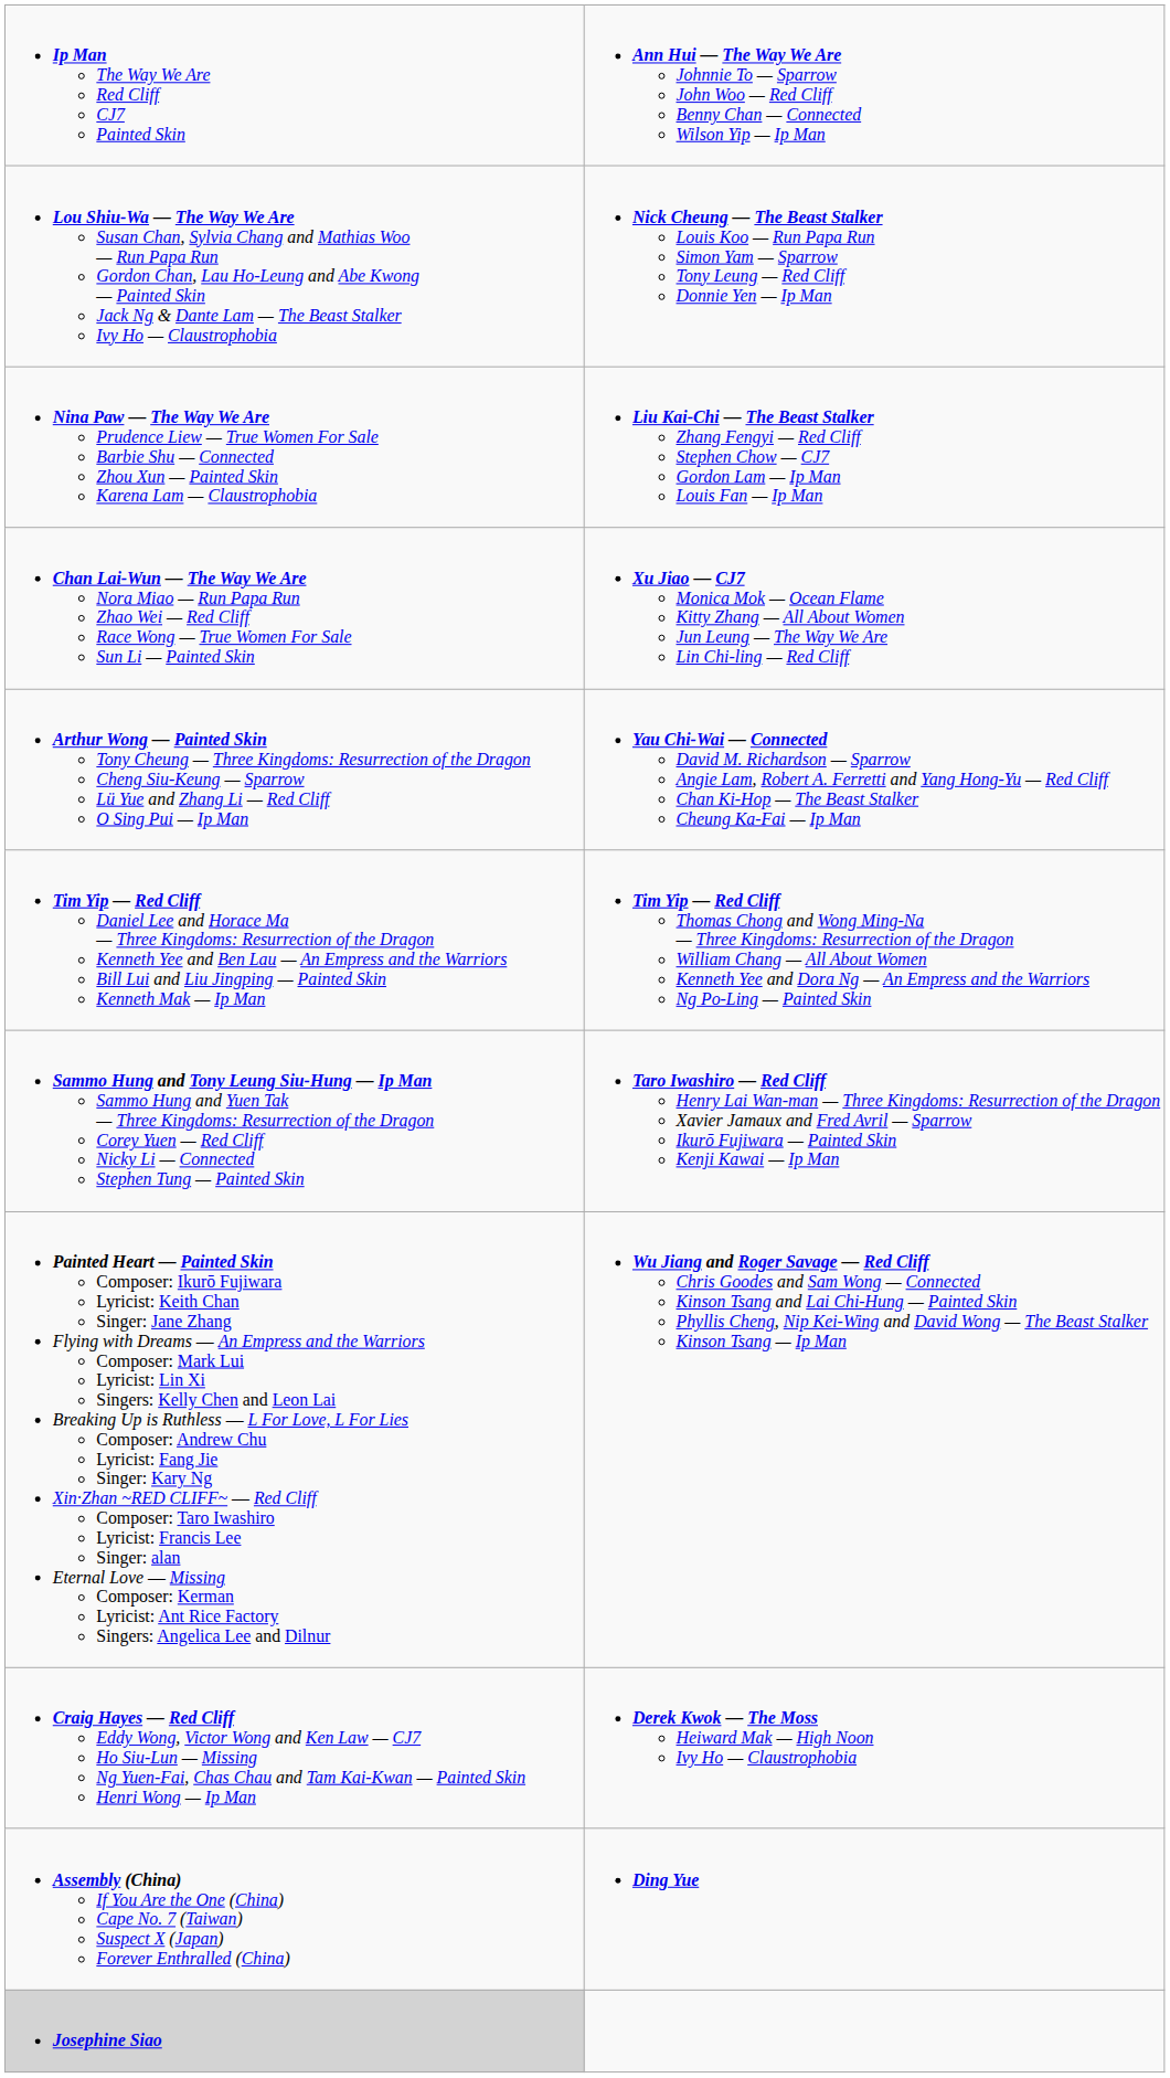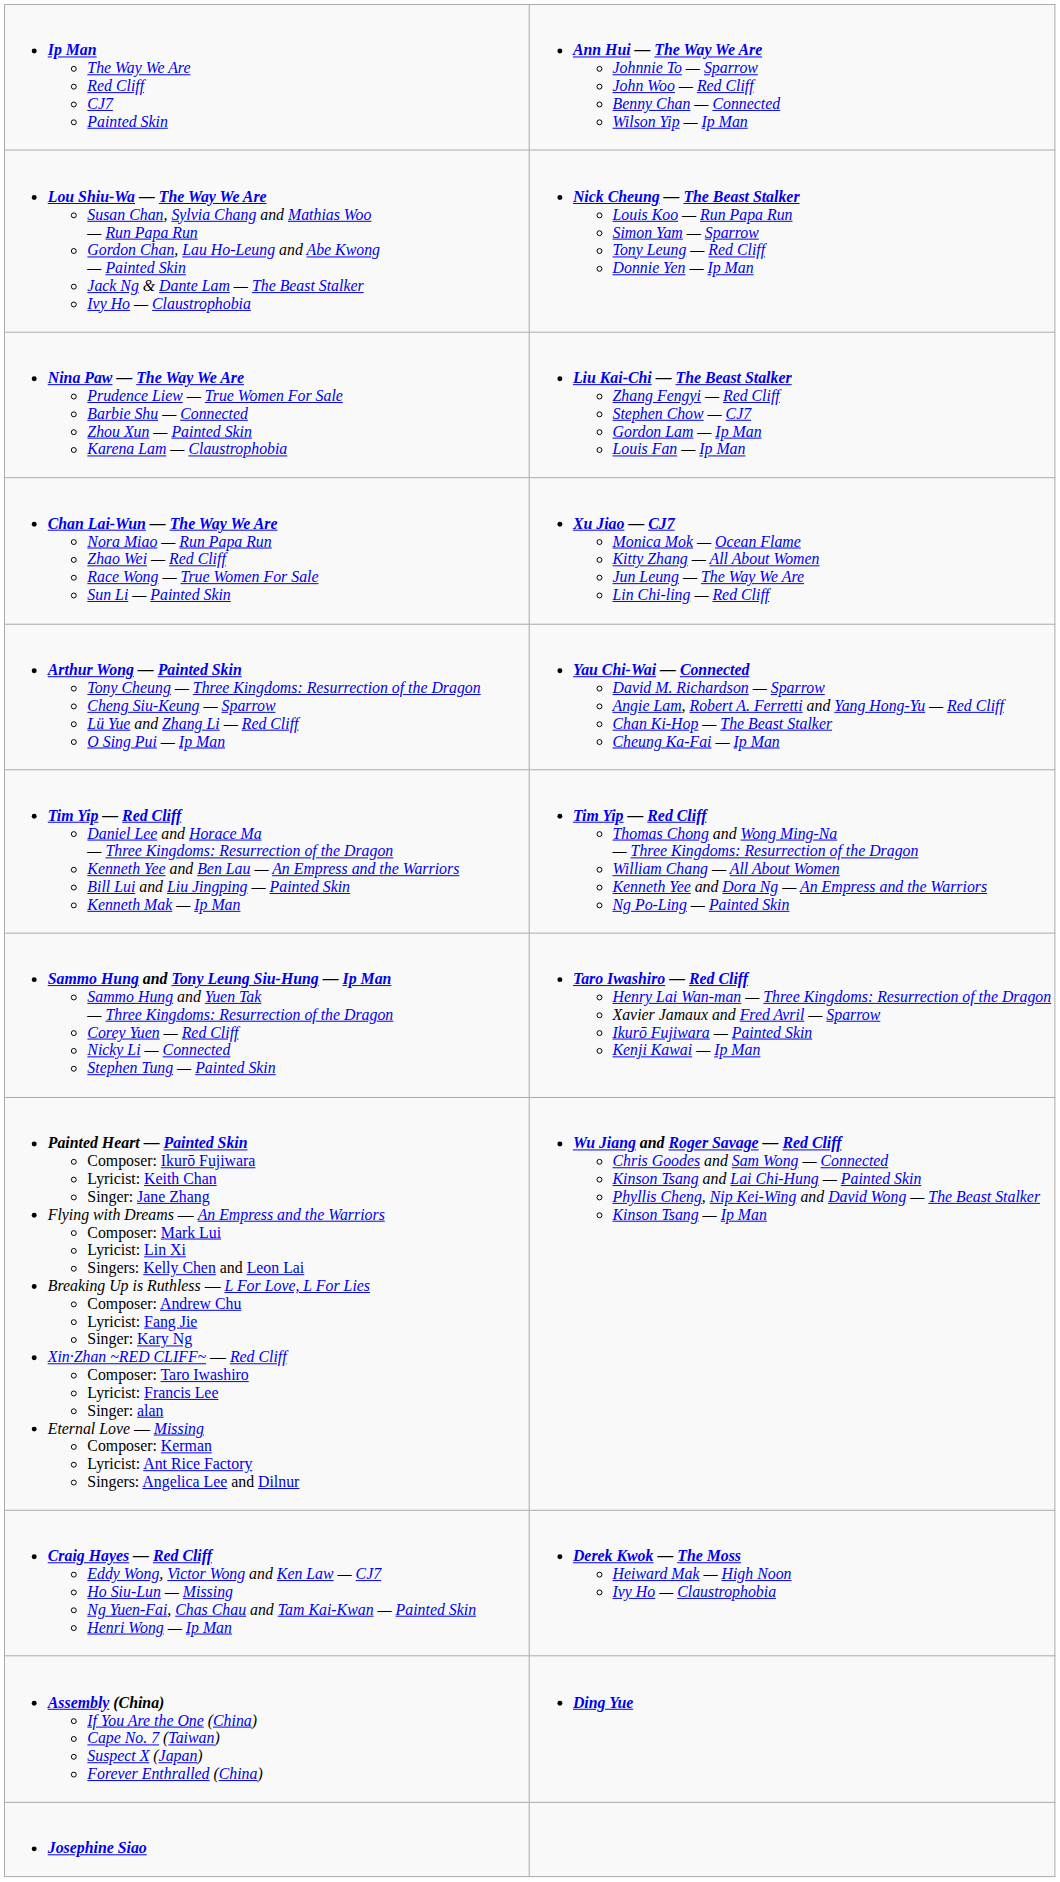 <table class=wikitable>
 <tr>
 <td valign="top" width="50%"><br><ul><li><strong><em><a href='#'>Ip Man</a></em></strong><ul><li><em><a href='#'>The Way We Are</a></em></li><li><em><a href='#'>Red Cliff</a></em></li><li><em><a href='#'>CJ7</a></em></li><li><em><a href='#'>Painted Skin</a></em></li></ul></li></ul></td>
 <td valign="top" width="50%"><br><ul><li><strong><em><a href='#'>Ann Hui</a> — <a href='#'>The Way We Are</a></em></strong><ul><li><em><a href='#'>Johnnie To</a> — <a href='#'>Sparrow</a></em></li><li><em><a href='#'>John Woo</a> — <a href='#'>Red Cliff</a></em></li><li><em><a href='#'>Benny Chan</a> — <a href='#'>Connected</a></em></li><li><em><a href='#'>Wilson Yip</a> — <a href='#'>Ip Man</a></em></li></ul></li></ul></td>
 </tr>
 <tr>
 <td valign="top" width="50%"><br><ul><li><strong><em><a href='#'>Lou Shiu-Wa</a> — <a href='#'>The Way We Are</a></em></strong><ul><li><em><a href='#'>Susan Chan</a>, <a href='#'>Sylvia Chang</a> and <a href='#'>Mathias Woo</a> <br> — <a href='#'>Run Papa Run</a></em></li><li><em><a href='#'>Gordon Chan</a>, <a href='#'>Lau Ho-Leung</a> and <a href='#'>Abe Kwong</a> <br>  — <a href='#'>Painted Skin</a></em></li><li><em><a href='#'>Jack Ng</a> & <a href='#'>Dante Lam</a> — <a href='#'>The Beast Stalker</a></em></li><li><em><a href='#'>Ivy Ho</a> — <a href='#'>Claustrophobia</a></em></li></ul></li></ul></td>
 <td valign="top" width="50%"><br><ul><li><strong><em><a href='#'>Nick Cheung</a> — <a href='#'>The Beast Stalker</a></em></strong><ul><li><em><a href='#'>Louis Koo</a> — <a href='#'>Run Papa Run</a></em></li><li><em><a href='#'>Simon Yam</a> — <a href='#'>Sparrow</a></em></li><li><em><a href='#'>Tony Leung</a> — <a href='#'>Red Cliff</a></em></li><li><em><a href='#'>Donnie Yen</a> — <a href='#'>Ip Man</a></em></li></ul></li></ul></td>
 </tr>
 <tr>
 <td valign="top" width="50%"><br><ul><li><strong><em><a href='#'>Nina Paw</a> — <a href='#'>The Way We Are</a></em></strong><ul><li><em><a href='#'>Prudence Liew</a> — <a href='#'>True Women For Sale</a></em></li><li><em><a href='#'>Barbie Shu</a> — <a href='#'>Connected</a></em></li><li><em><a href='#'>Zhou Xun</a> — <a href='#'>Painted Skin</a></em></li><li><em><a href='#'>Karena Lam</a> — <a href='#'>Claustrophobia</a></em></li></ul></li></ul></td>
 <td valign="top" width="50%"><br><ul><li><strong><em><a href='#'>Liu Kai-Chi</a> — <a href='#'>The Beast Stalker</a></em></strong><ul><li><em><a href='#'>Zhang Fengyi</a> — <a href='#'>Red Cliff</a></em></li><li><em><a href='#'>Stephen Chow</a> — <a href='#'>CJ7</a></em></li><li><em><a href='#'>Gordon Lam</a> — <a href='#'>Ip Man</a></em></li><li><em><a href='#'>Louis Fan</a> — <a href='#'>Ip Man</a></em></li></ul></li></ul></td>
 </tr>
 <tr>
 <td valign="top" width="50%"><br><ul><li><strong><em><a href='#'>Chan Lai-Wun</a> — <a href='#'>The Way We Are</a></em></strong><ul><li><em><a href='#'>Nora Miao</a> — <a href='#'>Run Papa Run</a></em></li><li><em><a href='#'>Zhao Wei</a> — <a href='#'>Red Cliff</a></em></li><li><em><a href='#'>Race Wong</a> — <a href='#'>True Women For Sale</a></em></li><li><em><a href='#'>Sun Li</a> — <a href='#'>Painted Skin</a></em></li></ul></li></ul></td>
 <td valign="top" width="50%"><br><ul><li><strong><em><a href='#'>Xu Jiao</a> — <a href='#'>CJ7</a></em></strong><ul><li><em><a href='#'>Monica Mok</a> — <a href='#'>Ocean Flame</a></em></li><li><em><a href='#'>Kitty Zhang</a> — <a href='#'>All About Women</a></em></li><li><em><a href='#'>Jun Leung</a> — <a href='#'>The Way We Are</a></em></li><li><em><a href='#'>Lin Chi-ling</a> — <a href='#'>Red Cliff</a></em></li></ul></li></ul></td>
 </tr>
 <tr>
 <td valign="top" width="50%"><br><ul><li><strong><em><a href='#'>Arthur Wong</a> — <a href='#'>Painted Skin</a></em></strong><ul><li><em><a href='#'>Tony Cheung</a> — <a href='#'>Three Kingdoms: Resurrection of the Dragon</a></em></li><li><em><a href='#'>Cheng Siu-Keung</a> — <a href='#'>Sparrow</a></em></li><li><em><a href='#'>Lü Yue</a> and <a href='#'>Zhang Li</a> — <a href='#'>Red Cliff</a></em></li><li><em><a href='#'>O Sing Pui</a> — <a href='#'>Ip Man</a></em></li></ul></li></ul></td>
 <td valign="top" width="50%"><br><ul><li><strong><em><a href='#'>Yau Chi-Wai</a> — <a href='#'>Connected</a></em></strong><ul><li><em><a href='#'>David M. Richardson</a> — <a href='#'>Sparrow</a></em></li><li><em><a href='#'>Angie Lam</a>, <a href='#'>Robert A. Ferretti</a> and <a href='#'>Yang Hong-Yu</a> — <a href='#'>Red Cliff</a></em></li><li><em><a href='#'>Chan Ki-Hop</a> — <a href='#'>The Beast Stalker</a></em></li><li><em><a href='#'>Cheung Ka-Fai</a> — <a href='#'>Ip Man</a></em></li></ul></li></ul></td>
 </tr>
 <tr>
 <td valign="top" width="50%"><br><ul><li><strong><em><a href='#'>Tim Yip</a> — <a href='#'>Red Cliff</a></em></strong><ul><li><em><a href='#'>Daniel Lee</a> and <a href='#'>Horace Ma</a> <br> — <a href='#'>Three Kingdoms: Resurrection of the Dragon</a></em></li><li><em><a href='#'>Kenneth Yee</a> and <a href='#'>Ben Lau</a> — <a href='#'>An Empress and the Warriors</a></em></li><li><em><a href='#'>Bill Lui</a> and <a href='#'>Liu Jingping</a> — <a href='#'>Painted Skin</a></em></li><li><em><a href='#'>Kenneth Mak</a> — <a href='#'>Ip Man</a></em></li></ul></li></ul></td>
 <td valign="top" width="50%"><br><ul><li><strong><em><a href='#'>Tim Yip</a> — <a href='#'>Red Cliff</a></em></strong><ul><li><em><a href='#'>Thomas Chong</a> and <a href='#'>Wong Ming-Na</a> <br> — <a href='#'>Three Kingdoms: Resurrection of the Dragon</a></em></li><li><em><a href='#'>William Chang</a> — <a href='#'>All About Women</a></em></li><li><em><a href='#'>Kenneth Yee</a> and <a href='#'>Dora Ng</a> — <a href='#'>An Empress and the Warriors</a></em></li><li><em><a href='#'>Ng Po-Ling</a> — <a href='#'>Painted Skin</a></em></li></ul></li></ul></td>
 </tr>
 <tr>
 <td valign="top" width="50%"><br><ul><li><strong><em><a href='#'>Sammo Hung</a> and <a href='#'>Tony Leung Siu-Hung</a> — <a href='#'>Ip Man</a></em></strong><ul><li><em><a href='#'>Sammo Hung</a> and <a href='#'>Yuen Tak</a> <br> — <a href='#'>Three Kingdoms: Resurrection of the Dragon</a></em></li><li><em><a href='#'>Corey Yuen</a> — <a href='#'>Red Cliff</a></em></li><li><em><a href='#'>Nicky Li</a> — <a href='#'>Connected</a></em></li><li><em><a href='#'>Stephen Tung</a> — <a href='#'>Painted Skin</a></em></li></ul></li></ul></td>
 <td valign="top" width="50%"><br><ul><li><strong><em><a href='#'>Taro Iwashiro</a> — <a href='#'>Red Cliff</a></em></strong><ul><li><em><a href='#'>Henry Lai Wan-man</a> — <a href='#'>Three Kingdoms: Resurrection of the Dragon</a></em></li><li><em>Xavier Jamaux and <a href='#'>Fred Avril</a> — <a href='#'>Sparrow</a></em></li><li><em><a href='#'>Ikurō Fujiwara</a> — <a href='#'>Painted Skin</a></em></li><li><em><a href='#'>Kenji Kawai</a> — <a href='#'>Ip Man</a></em></li></ul></li></ul></td>
 </tr>
 <tr>
 <td valign="top" width="50%"><br><ul><li><strong><em>Painted Heart —  <a href='#'>Painted Skin</a></em></strong><ul><li>Composer: <a href='#'>Ikurō Fujiwara</a></li><li>Lyricist: <a href='#'>Keith Chan</a></li><li>Singer: <a href='#'>Jane Zhang</a></li></ul></li><li><em>Flying with Dreams</em> — <em><a href='#'>An Empress and the Warriors</a></em><ul><li>Composer: <a href='#'>Mark Lui</a></li><li>Lyricist: <a href='#'>Lin Xi</a></li><li>Singers: <a href='#'>Kelly Chen</a> and <a href='#'>Leon Lai</a></li></ul></li><li><em>Breaking Up is Ruthless</em> — <em><a href='#'>L For Love, L For Lies</a></em><ul><li>Composer: <a href='#'>Andrew Chu</a></li><li>Lyricist: <a href='#'>Fang Jie</a></li><li>Singer: <a href='#'>Kary Ng</a></li></ul></li><li><em><a href='#'>Xin·Zhan ~RED CLIFF~</a></em> — <em><a href='#'>Red Cliff</a></em><ul><li>Composer: <a href='#'>Taro Iwashiro</a></li><li>Lyricist: <a href='#'>Francis Lee</a></li><li>Singer: <a href='#'>alan</a></li></ul></li><li><em>Eternal Love</em> — <em><a href='#'>Missing</a></em><ul><li>Composer: <a href='#'>Kerman</a></li><li>Lyricist: <a href='#'>Ant Rice Factory</a></li><li>Singers: <a href='#'>Angelica Lee</a> and <a href='#'>Dilnur</a></li></ul></li></ul></td>
 <td valign="top" width="50%"><br><ul><li><strong><em><a href='#'>Wu Jiang</a> and <a href='#'>Roger Savage</a> — <a href='#'>Red Cliff</a></em></strong><ul><li><em><a href='#'>Chris Goodes</a> and <a href='#'>Sam Wong</a> — <a href='#'>Connected</a></em></li><li><em><a href='#'>Kinson Tsang</a> and <a href='#'>Lai Chi-Hung</a> — <a href='#'>Painted Skin</a></em></li><li><em><a href='#'>Phyllis Cheng</a>, <a href='#'>Nip Kei-Wing</a> and <a href='#'>David Wong</a> — <a href='#'>The Beast Stalker</a></em></li><li><em><a href='#'>Kinson Tsang</a> — <a href='#'>Ip Man</a></em></li></ul></li></ul></td>
 </tr>
 <tr>
 <td valign="top" width="50%"><br><ul><li><strong><em><a href='#'>Craig Hayes</a> — <a href='#'>Red Cliff</a></em></strong><ul><li><em><a href='#'>Eddy Wong</a>, <a href='#'>Victor Wong</a> and <a href='#'>Ken Law</a> — <a href='#'>CJ7</a></em></li><li><em><a href='#'>Ho Siu-Lun</a> — <a href='#'>Missing</a></em></li><li><em><a href='#'>Ng Yuen-Fai</a>, <a href='#'>Chas Chau</a> and <a href='#'>Tam Kai-Kwan</a> — <a href='#'>Painted Skin</a></em></li><li><em><a href='#'>Henri Wong</a> — <a href='#'>Ip Man</a></em></li></ul></li></ul></td>
 <td valign="top" width="50%"><br><ul><li><strong><em><a href='#'>Derek Kwok</a> — <a href='#'>The Moss</a></em></strong><ul><li><em><a href='#'>Heiward Mak</a> — <a href='#'>High Noon</a></em></li><li><em><a href='#'>Ivy Ho</a> — <a href='#'>Claustrophobia</a></em></li></ul></li></ul></td>
 </tr>
 <tr>
 <td valign="top" width="50%"><br><ul><li><strong><em><a href='#'>Assembly</a> (China)</em></strong><ul><li><em><a href='#'>If You Are the One</a> (<a href='#'>China</a>)</em></li><li><em><a href='#'>Cape No. 7</a> (<a href='#'>Taiwan</a>)</em></li><li><em><a href='#'>Suspect X</a> (<a href='#'>Japan</a>)</em></li><li><em><a href='#'>Forever Enthralled</a> (<a href='#'>China</a>)</em></li></ul></li></ul></td>
 <td valign="top" width="50%"><br><ul><li><strong><em><a href='#'>Ding Yue</a></em></strong></li></ul></td>
 </tr>
 <tr>
-<td valign="top" width="50%" style="background: lightgrey;"><br><ul><li><strong><em><a href='#'>Josephine Siao</a></em></strong></li></ul></td>
+<td valign="top" width="50%"><br><ul><li><strong><em><a href='#'>Josephine Siao</a></em></strong></li></ul></td>
 </tr>
 </table>
